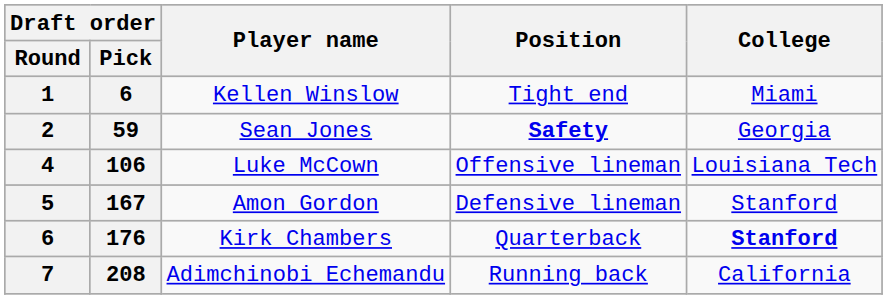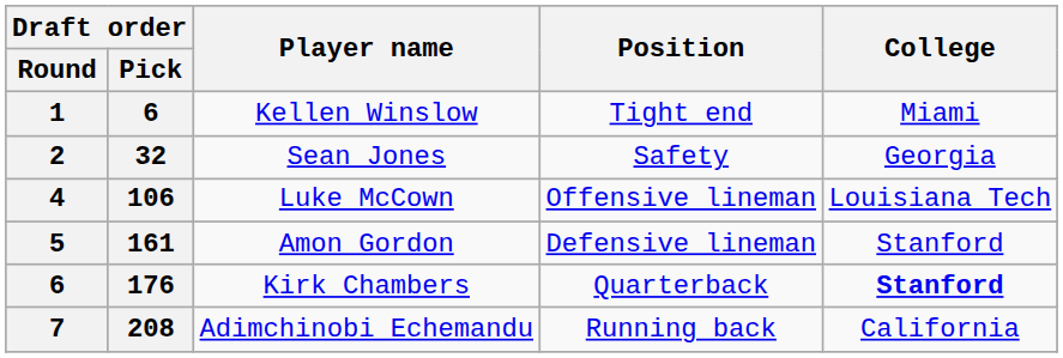 <table class="wikitable" style="text-align:center;">
 <tr>
 <th colspan="2">Draft order</th>
 <th rowspan="2">Player name</th>
 <th rowspan="2">Position</th>
 <th rowspan="2">College</th>
 </tr>
 <tr>
 <th>Round</th>
 <th>Pick</th>
 </tr>
 <tr>
 <th>1</th>
 <th>6</th>
 <td><a href='#'>Kellen Winslow</a></td>
 <td><a href='#'>Tight end</a></td>
 <td><a href='#'>Miami</a></td>
 </tr>
 <tr>
 <th>2</th>
-<th>59</th>
+<th>32</th>
 <td><a href='#'>Sean Jones</a></td>
-<td><strong><a href='#'>Safety</a></strong></td>
+<td><a href='#'>Safety</a></td>
 <td><a href='#'>Georgia</a></td>
 </tr>
 <tr>
 <th>4</th>
 <th>106</th>
 <td><a href='#'>Luke McCown</a></td>
 <td><a href='#'>Offensive lineman</a></td>
 <td><a href='#'>Louisiana Tech</a></td>
 </tr>
 <tr>
 <th>5</th>
-<th>167</th>
+<th>161</th>
 <td><a href='#'>Amon Gordon</a></td>
 <td><a href='#'>Defensive lineman</a></td>
 <td><a href='#'>Stanford</a></td>
 </tr>
 <tr>
 <th>6</th>
 <th>176</th>
 <td><a href='#'>Kirk Chambers</a></td>
 <td><a href='#'>Quarterback</a></td>
 <td><strong><a href='#'>Stanford</a></strong></td>
 </tr>
 <tr>
 <th>7</th>
 <th>208</th>
 <td><a href='#'>Adimchinobi Echemandu</a></td>
 <td><a href='#'>Running back</a></td>
 <td><a href='#'>California</a></td>
 </tr>
 </table>
